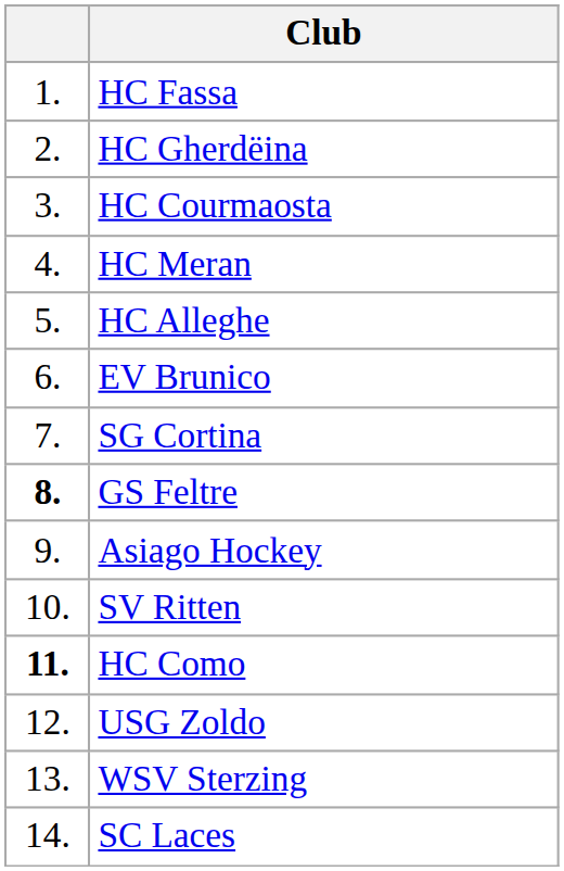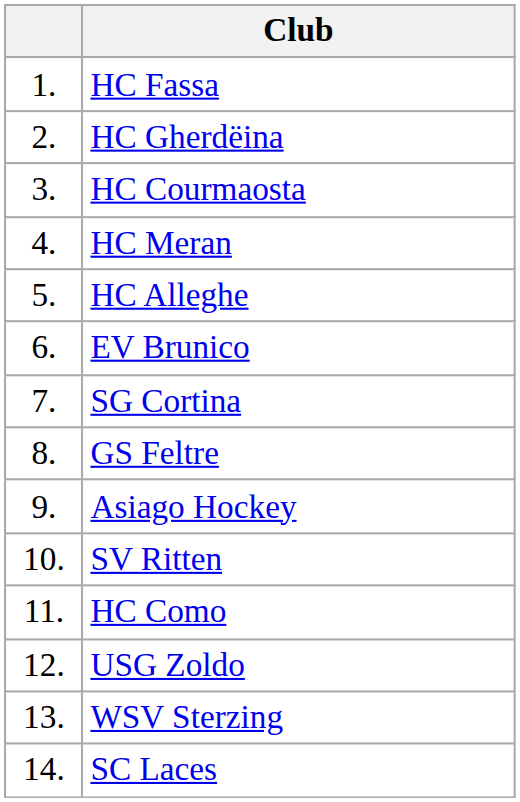 <table class="wikitable">
 <tr>
 <th width="30"></th>
 <th width="200">Club</th>
 </tr>
 <tr bgcolor="#FFFFFF" align="center">
 <td>1.</td>
 <td align="left"><a href='#'>HC Fassa</a></td>
 </tr>
 <tr bgcolor="#FFFFFF" align="center">
 <td>2.</td>
 <td align="left"><a href='#'>HC Gherdëina</a></td>
 </tr>
 <tr bgcolor="#FFFFFF" align="center">
 <td>3.</td>
 <td align="left"><a href='#'>HC Courmaosta</a></td>
 </tr>
 <tr bgcolor="#FFFFFF" align="center">
 <td>4.</td>
 <td align="left"><a href='#'>HC Meran</a></td>
 </tr>
 <tr bgcolor="#FFFFFF" align="center">
 <td>5.</td>
 <td align="left"><a href='#'>HC Alleghe</a></td>
 </tr>
 <tr bgcolor="#FFFFFF" align="center">
 <td>6.</td>
 <td align="left"><a href='#'>EV Brunico</a></td>
 </tr>
 <tr bgcolor="#FFFFFF" align="center">
 <td>7.</td>
 <td align="left"><a href='#'>SG Cortina</a></td>
 </tr>
 <tr bgcolor="#FFFFFF" align="center">
-<td><strong>8.</strong></td>
+<td>8.</td>
 <td align="left"><a href='#'>GS Feltre</a></td>
 </tr>
 <tr bgcolor="#FFFFFF" align="center">
 <td>9.</td>
 <td align="left"><a href='#'>Asiago Hockey</a></td>
 </tr>
 <tr bgcolor="#FFFFFF" align="center">
 <td>10.</td>
 <td align="left"><a href='#'>SV Ritten</a></td>
 </tr>
 <tr bgcolor="#FFFFFF" align="center">
-<td><strong>11.</strong></td>
+<td>11.</td>
 <td align="left"><a href='#'>HC Como</a></td>
 </tr>
 <tr bgcolor="#FFFFFF" align="center">
 <td>12.</td>
 <td align="left"><a href='#'>USG Zoldo</a></td>
 </tr>
 <tr bgcolor="#FFFFFF" align="center">
 <td>13.</td>
 <td align="left"><a href='#'>WSV Sterzing</a></td>
 </tr>
 <tr bgcolor="#FFFFFF" align="center">
 <td>14.</td>
 <td align="left"><a href='#'>SC Laces</a></td>
 </tr>
 </table>
